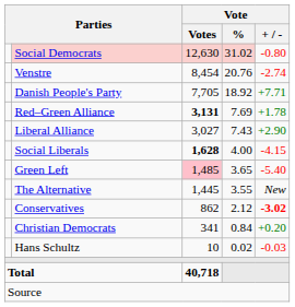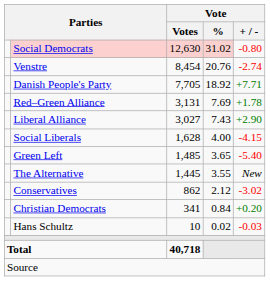 <table class="wikitable" style="text-align:right;">
 <tr>
 <th style="text-align:centre;" rowspan="2" colspan="2" width="225">Parties</th>
 <th colspan="3">Vote</th>
 </tr>
 <tr>
 <th width="15">Votes</th>
 <th width="15">%</th>
 <th width="15">+ / -</th>
 </tr>
 <tr>
 <td width="2" style="color:inherit;background:"></td>
 <td bgcolor=#fbd0ce  align="left"><a href='#'>Social Democrats</a></td>
 <td bgcolor=#fbd0ce>12,630</td>
 <td bgcolor=#fbd0ce>31.02</td>
 <td style=color:red;>-0.80</td>
 </tr>
 <tr>
 <td width="2" style="color:inherit;background:"></td>
 <td align="left"><a href='#'>Venstre</a></td>
 <td>8,454</td>
 <td>20.76</td>
 <td style=color:red;>-2.74</td>
 </tr>
 <tr>
 <td width="2" style="color:inherit;background:"></td>
 <td align="left"><a href='#'>Danish People's Party</a></td>
 <td>7,705</td>
 <td>18.92</td>
 <td style=color:green;>+7.71</td>
 </tr>
 <tr>
 <td width="2" style="color:inherit;background:"></td>
 <td align="left"><a href='#'>Red–Green Alliance</a></td>
-<td><strong>3,131</strong></td>
+<td>3,131</td>
 <td>7.69</td>
 <td style=color:green;>+1.78</td>
 </tr>
 <tr>
 <td width="2" style="color:inherit;background:"></td>
 <td align="left"><a href='#'>Liberal Alliance</a></td>
 <td>3,027</td>
 <td>7.43</td>
 <td style=color:green;>+2.90</td>
 </tr>
 <tr>
 <td width="2" style="color:inherit;background:"></td>
 <td align="left"><a href='#'>Social Liberals</a></td>
-<td><strong>1,628</strong></td>
+<td>1,628</td>
 <td>4.00</td>
 <td style=color:red;>-4.15</td>
 </tr>
 <tr>
 <td width="2" style="color:inherit;background:"></td>
 <td align="left"><a href='#'>Green Left</a></td>
-<td style="background: pink;">1,485</td>
+<td>1,485</td>
 <td>3.65</td>
 <td style=color:red;>-5.40</td>
 </tr>
 <tr>
 <td width="2" style="color:inherit;background:"></td>
 <td align="left"><a href='#'>The Alternative</a></td>
 <td>1,445</td>
 <td>3.55</td>
 <td><em>New</em></td>
 </tr>
 <tr>
 <td width="2" style="color:inherit;background:"></td>
 <td align="left"><a href='#'>Conservatives</a></td>
 <td>862</td>
 <td>2.12</td>
-<td style=color:red;><strong>-3.02</strong></td>
+<td style=color:red;>-3.02</td>
 </tr>
 <tr>
 <td width="2" style="color:inherit;background:"></td>
 <td align="left"><a href='#'>Christian Democrats</a></td>
 <td>341</td>
 <td>0.84</td>
 <td style=color:green;>+0.20</td>
 </tr>
 <tr>
 <td width="2" style="color:inherit;background:"></td>
 <td align="left">Hans Schultz</td>
 <td>10</td>
 <td>0.02</td>
 <td style=color:red;>-0.03</td>
 </tr>
 <tr>
 <td colspan="7" bgcolor="#E9E9E9"></td>
 </tr>
 <tr>
 <td align="left" colspan="2"><strong>Total</strong></td>
 <td><strong>40,718</strong></td>
 <td bgcolor="#E9E9E9" colspan="2"></td>
 </tr>
 <tr>
 <td align="left" colspan="6">Source</td>
 </tr>
 </table>
